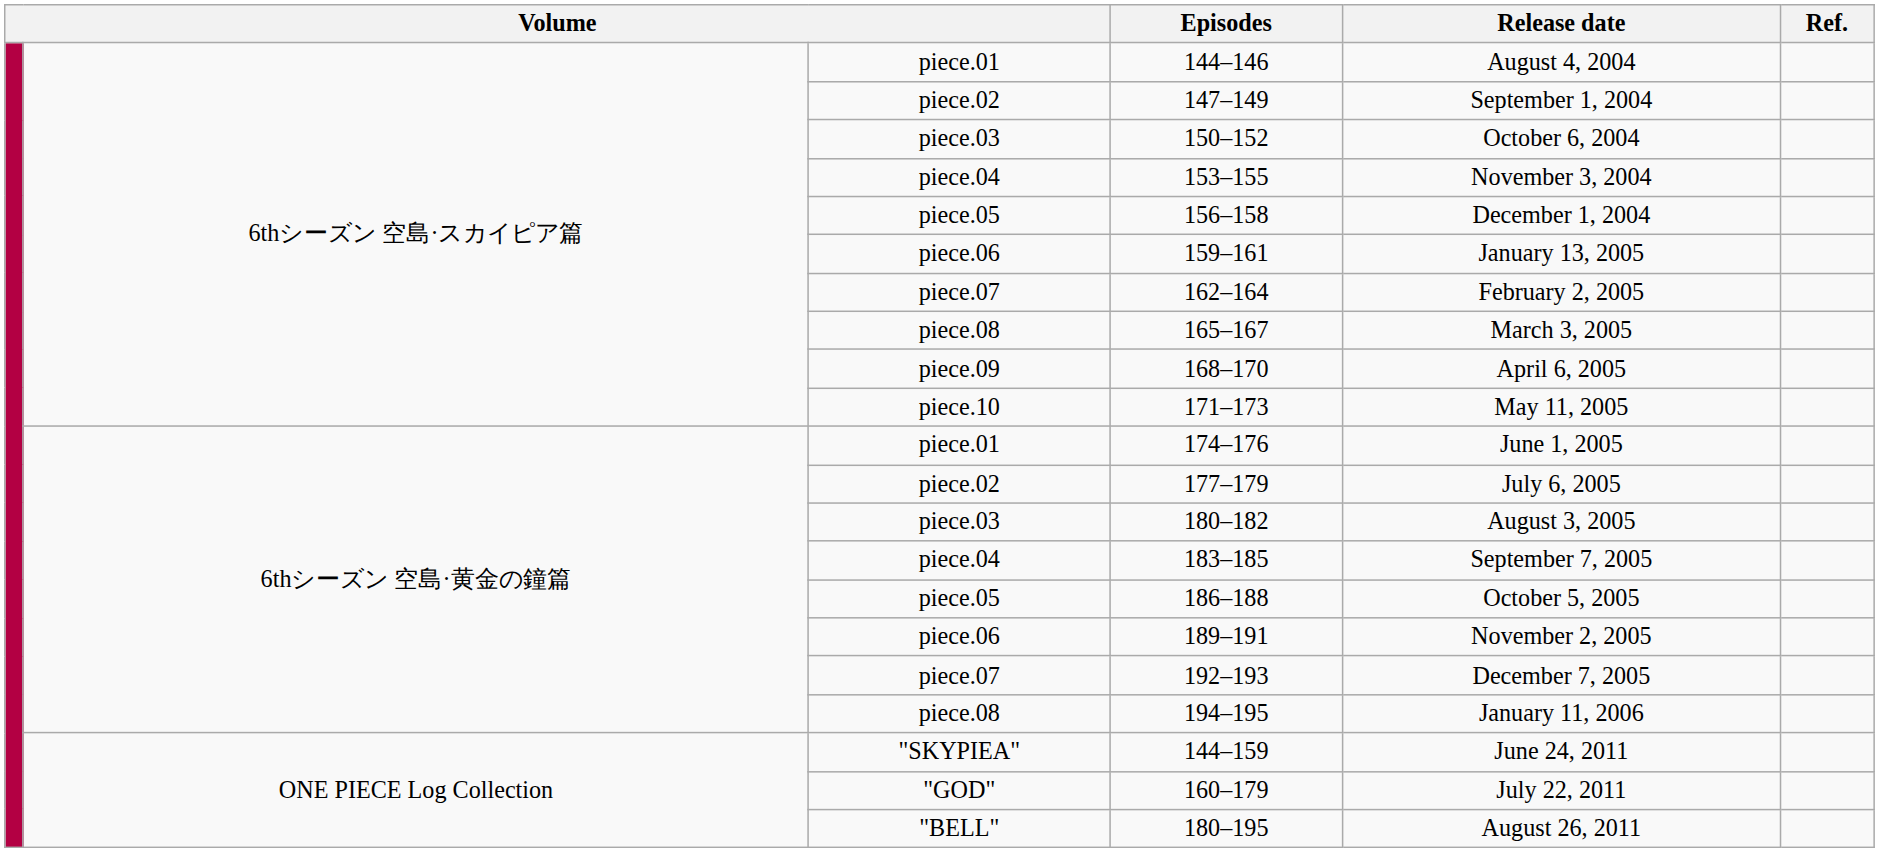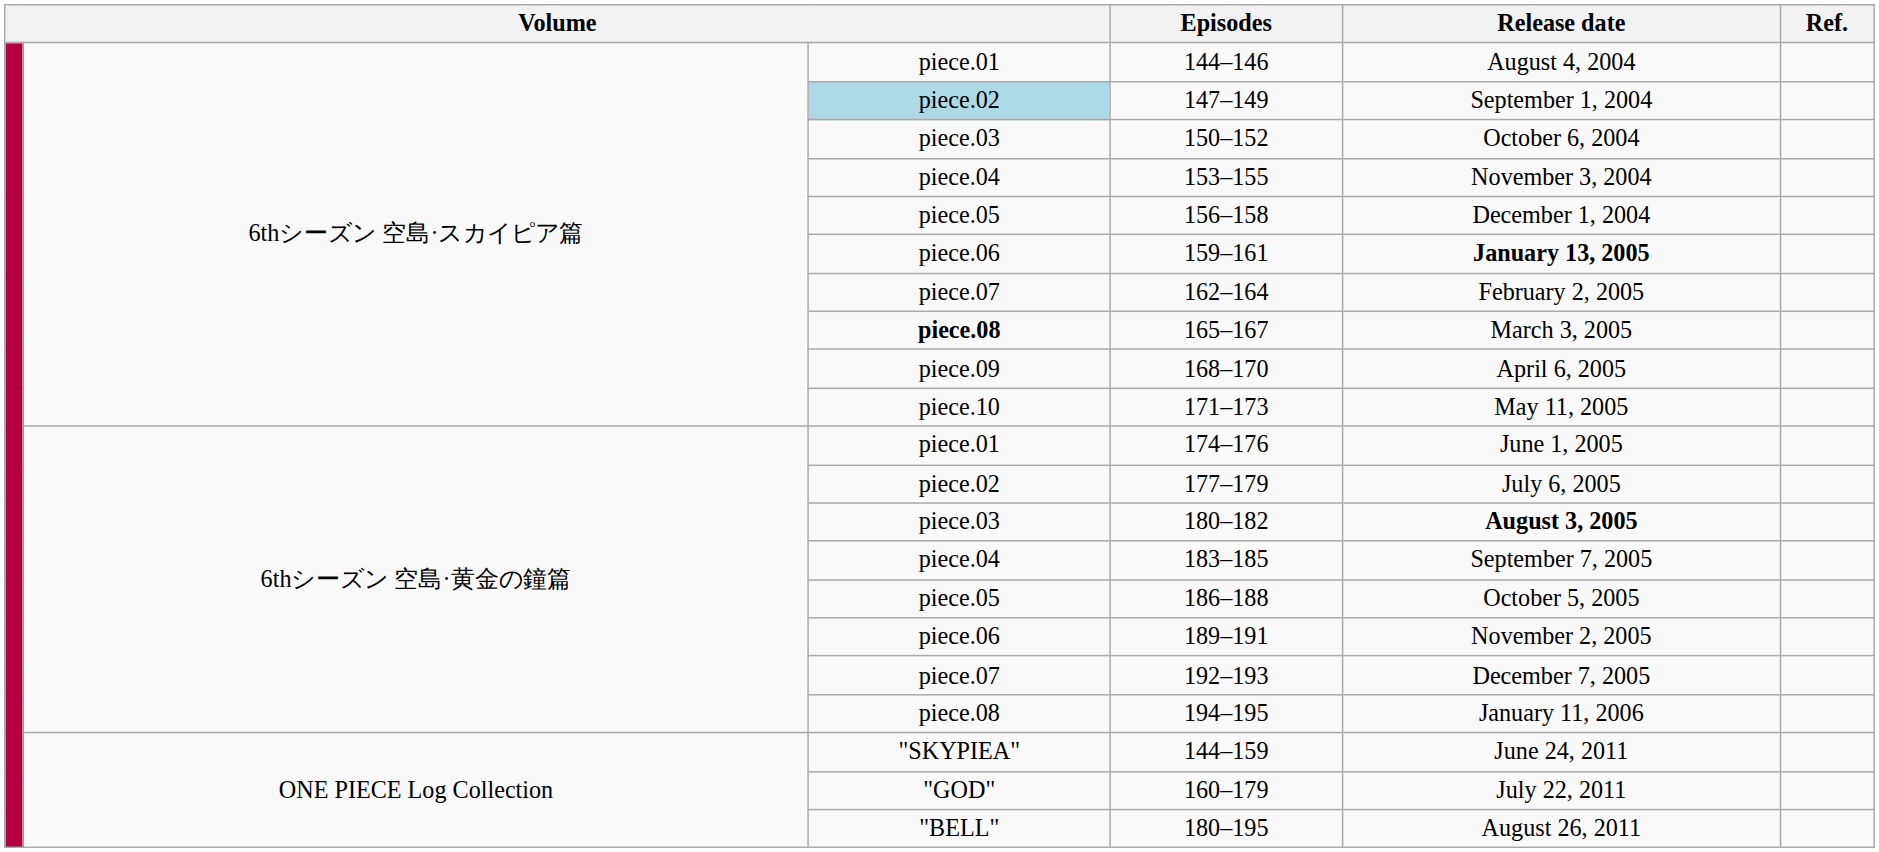 <table class="wikitable" style="text-align: center; width: 98%;">
 <tr>
 <th colspan="3">Volume</th>
 <th>Episodes</th>
 <th>Release date</th>
 <th width="5%">Ref.</th>
 </tr>
 <tr>
 <td rowspan="184" width="1%" style="background: #B30043;"></td>
 <td rowspan="10">6thシーズン 空島·スカイピア篇</td>
 <td>piece.01</td>
 <td>144–146</td>
 <td>August 4, 2004</td>
 <td></td>
 </tr>
 <tr>
-<td>piece.02</td>
+<td style="background: lightblue;">piece.02</td>
 <td>147–149</td>
 <td>September 1, 2004</td>
 <td></td>
 </tr>
 <tr>
 <td>piece.03</td>
 <td>150–152</td>
 <td>October 6, 2004</td>
 <td></td>
 </tr>
 <tr>
 <td>piece.04</td>
 <td>153–155</td>
 <td>November 3, 2004</td>
 <td></td>
 </tr>
 <tr>
 <td>piece.05</td>
 <td>156–158</td>
 <td>December 1, 2004</td>
 <td></td>
 </tr>
 <tr>
 <td>piece.06</td>
 <td>159–161</td>
-<td>January 13, 2005</td>
+<td><strong>January 13, 2005</strong></td>
 <td></td>
 </tr>
 <tr>
 <td>piece.07</td>
 <td>162–164</td>
 <td>February 2, 2005</td>
 <td></td>
 </tr>
 <tr>
-<td>piece.08</td>
+<td><strong>piece.08</strong></td>
 <td>165–167</td>
 <td>March 3, 2005</td>
 <td></td>
 </tr>
 <tr>
 <td>piece.09</td>
 <td>168–170</td>
 <td>April 6, 2005</td>
 <td></td>
 </tr>
 <tr>
 <td>piece.10</td>
 <td>171–173</td>
 <td>May 11, 2005</td>
 <td></td>
 </tr>
 <tr>
 <td rowspan="8">6thシーズン 空島·黄金の鐘篇</td>
 <td>piece.01</td>
 <td>174–176</td>
 <td>June 1, 2005</td>
 <td></td>
 </tr>
 <tr>
 <td>piece.02</td>
 <td>177–179</td>
 <td>July 6, 2005</td>
 <td></td>
 </tr>
 <tr>
 <td>piece.03</td>
 <td>180–182</td>
-<td>August 3, 2005</td>
+<td><strong>August 3, 2005</strong></td>
 <td></td>
 </tr>
 <tr>
 <td>piece.04</td>
 <td>183–185</td>
 <td>September 7, 2005</td>
 <td></td>
 </tr>
 <tr>
 <td>piece.05</td>
 <td>186–188</td>
 <td>October 5, 2005</td>
 <td></td>
 </tr>
 <tr>
 <td>piece.06</td>
 <td>189–191</td>
 <td>November 2, 2005</td>
 <td></td>
 </tr>
 <tr>
 <td>piece.07</td>
 <td>192–193</td>
 <td>December 7, 2005</td>
 <td></td>
 </tr>
 <tr>
 <td>piece.08</td>
 <td>194–195</td>
 <td>January 11, 2006</td>
 <td></td>
 </tr>
 <tr>
 <td rowspan="3">ONE PIECE Log Collection</td>
 <td>"SKYPIEA"</td>
 <td>144–159</td>
 <td>June 24, 2011</td>
 <td></td>
 </tr>
 <tr>
 <td>"GOD"</td>
 <td>160–179</td>
 <td>July 22, 2011</td>
 <td></td>
 </tr>
 <tr>
 <td>"BELL"</td>
 <td>180–195</td>
 <td>August 26, 2011</td>
 <td></td>
 </tr>
 </table>
